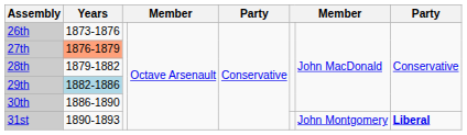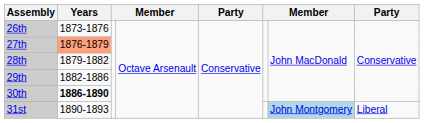 <table class="wikitable">
 <tr>
 <th>Assembly</th>
 <th>Years</th>
 <th colspan="2">Member</th>
 <th>Party</th>
 <th colspan="2">Member</th>
 <th>Party</th>
 </tr>
 <tr>
 <td bgcolor="CCCCCC"><a href='#'>26th</a></td>
 <td>1873-1876</td>
 <td rowspan=6 ></td>
 <td rowspan=6><a href='#'>Octave Arsenault</a></td>
 <td rowspan=6><a href='#'>Conservative</a></td>
 <td rowspan=5 ></td>
 <td rowspan=5><a href='#'>John MacDonald</a></td>
 <td rowspan=5><a href='#'>Conservative</a></td>
 </tr>
 <tr>
 <td bgcolor="CCCCCC"><a href='#'>27th</a></td>
 <td style="background: lightsalmon;">1876-1879</td>
 </tr>
 <tr>
 <td bgcolor="CCCCCC"><a href='#'>28th</a></td>
 <td>1879-1882</td>
 </tr>
 <tr>
 <td bgcolor="CCCCCC"><a href='#'>29th</a></td>
-<td style="background: lightblue;">1882-1886</td>
+<td>1882-1886</td>
 </tr>
 <tr>
 <td bgcolor="CCCCCC"><a href='#'>30th</a></td>
-<td>1886-1890</td>
+<td><strong>1886-1890</strong></td>
 </tr>
 <tr>
 <td bgcolor="CCCCCC"><a href='#'>31st</a></td>
 <td>1890-1893</td>
 <td></td>
-<td><a href='#'>John Montgomery</a></td>
-<td><strong><a href='#'>Liberal</a></strong></td>
+<td style="background: lightblue;"><a href='#'>John Montgomery</a></td>
+<td><a href='#'>Liberal</a></td>
 </tr>
 </table>
